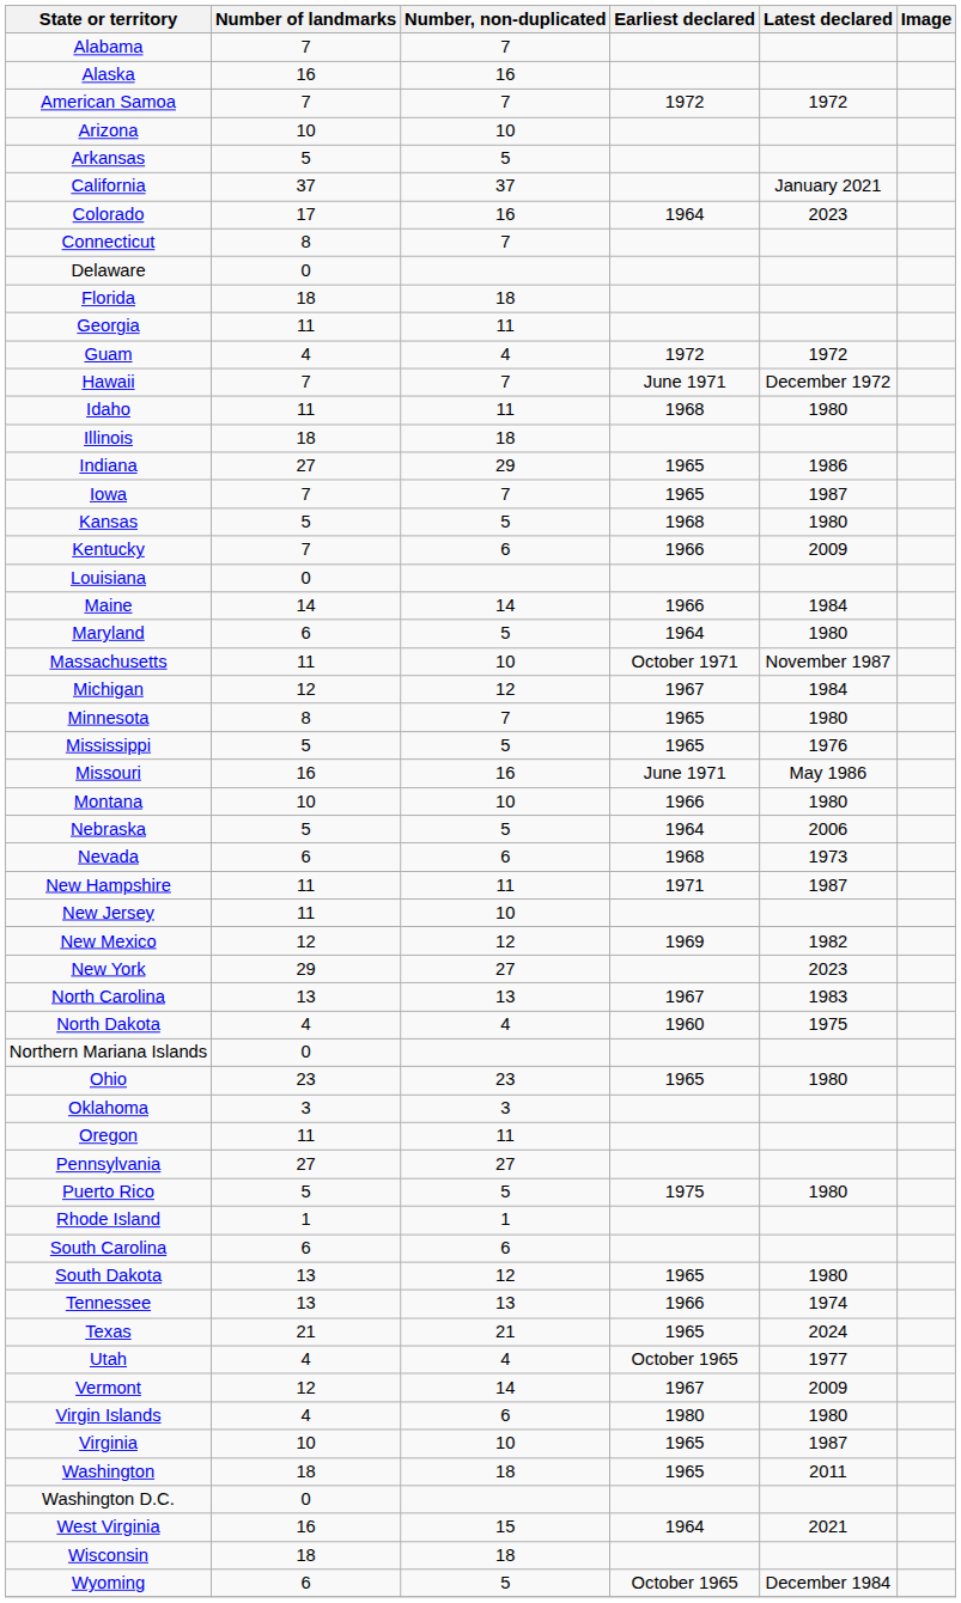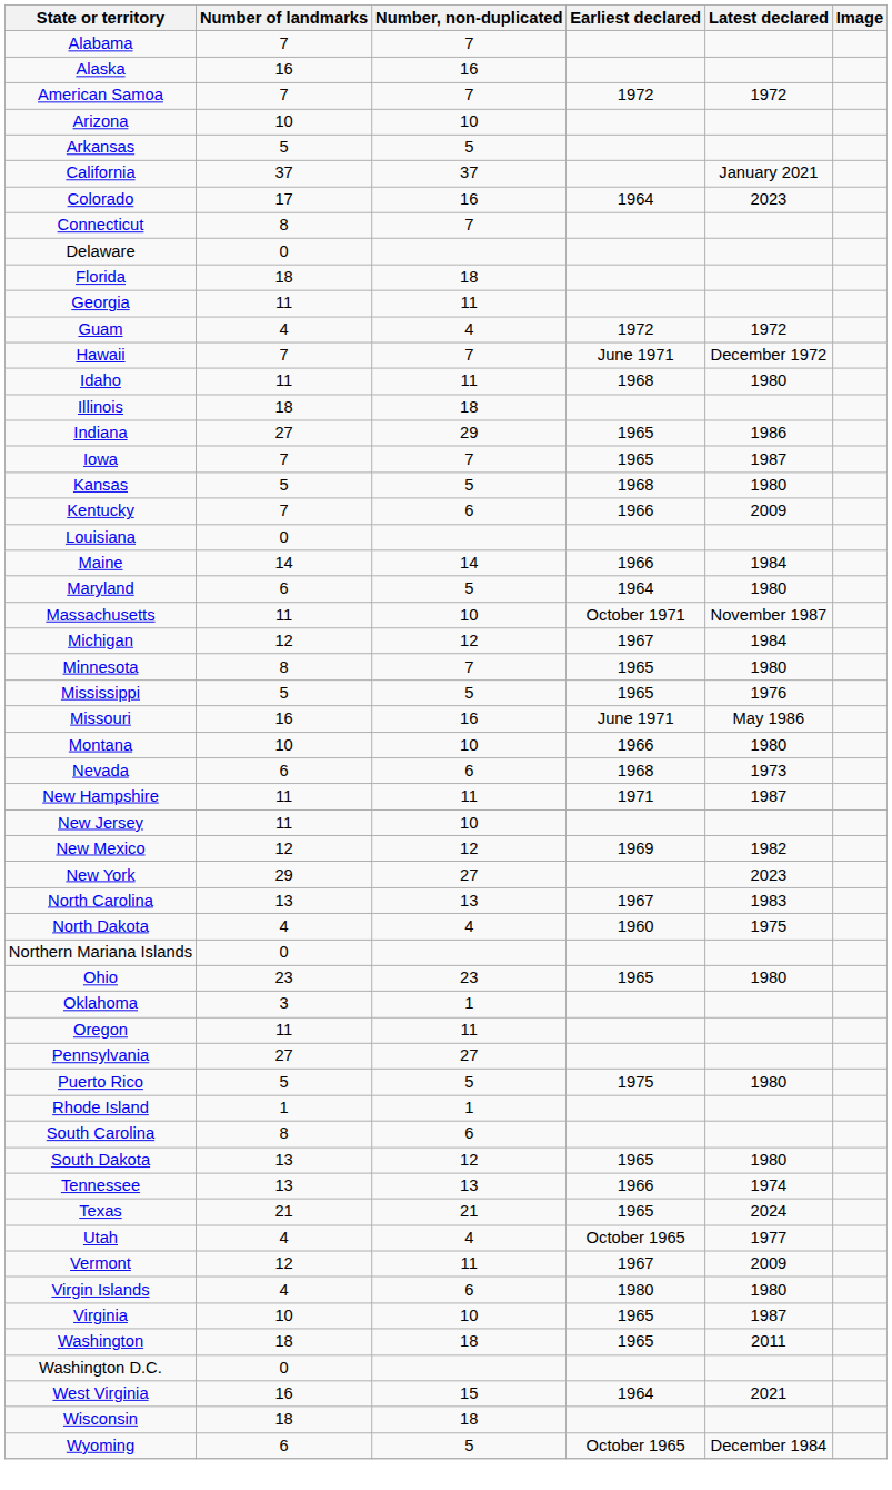 <table class="wikitable sortable" align="center">
 <tr>
 <th style="background-color:"><strong>State or territory</strong></th>
 <th style="background-color:"><strong>Number of landmarks</strong></th>
 <th style="background-color:"><strong>Number, non-duplicated</strong></th>
 <th style="background-color:"><strong>Earliest declared</strong></th>
 <th style="background-color:"><strong>Latest declared</strong></th>
 <th style="background-color:"><strong>Image</strong></th>
 </tr>
 <tr align="center">
 <td><a href='#'>Alabama</a></td>
 <td>7</td>
 <td>7</td>
 <td></td>
 <td></td>
 <td></td>
 </tr>
 <tr align="center">
 <td><a href='#'>Alaska</a></td>
 <td>16</td>
 <td>16</td>
 <td></td>
 <td></td>
 <td></td>
 </tr>
 <tr align="center">
 <td><a href='#'>American Samoa</a></td>
 <td>7</td>
 <td>7</td>
 <td>1972</td>
 <td>1972</td>
 <td></td>
 </tr>
 <tr align="center">
 <td><a href='#'>Arizona</a></td>
 <td>10</td>
 <td>10</td>
 <td></td>
 <td></td>
 <td></td>
 </tr>
 <tr align="center">
 <td><a href='#'>Arkansas</a></td>
 <td>5</td>
 <td>5</td>
 <td></td>
 <td></td>
 <td></td>
 </tr>
 <tr align="center">
 <td><a href='#'>California</a></td>
 <td>37</td>
 <td>37</td>
 <td></td>
 <td>January 2021</td>
 <td></td>
 </tr>
 <tr align="center">
 <td><a href='#'>Colorado</a></td>
 <td>17</td>
 <td>16</td>
 <td>1964</td>
 <td>2023</td>
 <td></td>
 </tr>
 <tr align="center">
 <td><a href='#'>Connecticut</a></td>
 <td>8</td>
 <td>7</td>
 <td></td>
 <td></td>
 <td></td>
 </tr>
 <tr align="center">
 <td>Delaware</td>
 <td>0</td>
 <td></td>
 <td></td>
 <td></td>
 <td></td>
 </tr>
 <tr align="center">
 <td><a href='#'>Florida</a></td>
 <td>18</td>
 <td>18</td>
 <td></td>
 <td></td>
 <td></td>
 </tr>
 <tr align="center">
 <td><a href='#'>Georgia</a></td>
 <td>11</td>
 <td>11</td>
 <td></td>
 <td></td>
 <td></td>
 </tr>
 <tr align="center">
 <td><a href='#'>Guam</a></td>
 <td>4</td>
 <td>4</td>
 <td>1972</td>
 <td>1972</td>
 <td></td>
 </tr>
 <tr align="center">
 <td><a href='#'>Hawaii</a></td>
 <td>7</td>
 <td>7</td>
 <td>June 1971</td>
 <td>December 1972</td>
 <td></td>
 </tr>
 <tr align="center">
 <td><a href='#'>Idaho</a></td>
 <td>11</td>
 <td>11</td>
 <td>1968</td>
 <td>1980</td>
 <td></td>
 </tr>
 <tr align="center">
 <td><a href='#'>Illinois</a></td>
 <td>18</td>
 <td>18</td>
 <td></td>
 <td></td>
 <td></td>
 </tr>
 <tr align="center">
 <td><a href='#'>Indiana</a></td>
 <td>27</td>
 <td>29 </td>
 <td>1965</td>
 <td>1986</td>
 <td></td>
 </tr>
 <tr align="center">
 <td><a href='#'>Iowa</a></td>
 <td>7</td>
 <td>7</td>
 <td>1965</td>
 <td>1987</td>
 <td></td>
 </tr>
 <tr align="center">
 <td><a href='#'>Kansas</a></td>
 <td>5</td>
 <td>5</td>
 <td>1968</td>
 <td>1980</td>
 <td></td>
 </tr>
 <tr align="center">
 <td><a href='#'>Kentucky</a></td>
 <td>7</td>
 <td>6 </td>
 <td>1966</td>
 <td>2009</td>
 <td></td>
 </tr>
 <tr align="center">
 <td><a href='#'>Louisiana</a></td>
 <td>0</td>
 <td></td>
 <td></td>
 <td></td>
 <td></td>
 </tr>
 <tr align="center">
 <td><a href='#'>Maine</a></td>
 <td>14</td>
 <td>14</td>
 <td>1966</td>
 <td>1984</td>
 <td></td>
 </tr>
 <tr align="center">
 <td><a href='#'>Maryland</a></td>
 <td>6</td>
 <td>5 </td>
 <td>1964</td>
 <td>1980</td>
 <td></td>
 </tr>
 <tr align="center">
 <td><a href='#'>Massachusetts</a></td>
 <td>11</td>
 <td>10</td>
 <td>October 1971</td>
 <td>November 1987</td>
 <td></td>
 </tr>
 <tr align="center">
 <td><a href='#'>Michigan</a></td>
 <td>12</td>
 <td>12</td>
 <td>1967</td>
 <td>1984</td>
 <td></td>
 </tr>
 <tr align="center">
 <td><a href='#'>Minnesota</a></td>
 <td>8</td>
 <td>7 </td>
 <td>1965</td>
 <td>1980</td>
 <td></td>
 </tr>
 <tr align="center">
 <td><a href='#'>Mississippi</a></td>
 <td>5</td>
 <td>5</td>
 <td>1965</td>
 <td>1976</td>
 <td></td>
 </tr>
 <tr align="center">
 <td><a href='#'>Missouri</a></td>
 <td>16</td>
 <td>16</td>
 <td>June 1971</td>
 <td>May 1986</td>
 <td></td>
 </tr>
 <tr align="center">
 <td><a href='#'>Montana</a></td>
 <td>10</td>
 <td>10</td>
 <td>1966</td>
 <td>1980</td>
 <td></td>
 </tr>
 <tr align="center">
-<td><a href='#'>Nebraska</a></td>
-<td>5</td>
-<td>5</td>
-<td>1964</td>
-<td>2006</td>
-<td></td>
-</tr>
-<tr align="center">
 <td><a href='#'>Nevada</a></td>
 <td>6</td>
 <td>6</td>
 <td>1968</td>
 <td>1973</td>
 <td></td>
 </tr>
 <tr align="center">
 <td><a href='#'>New Hampshire</a></td>
 <td>11</td>
 <td>11</td>
 <td>1971</td>
 <td>1987</td>
 <td></td>
 </tr>
 <tr align="center">
 <td><a href='#'>New Jersey</a></td>
 <td>11</td>
 <td>10</td>
 <td></td>
 <td></td>
 <td></td>
 </tr>
 <tr align="center">
 <td><a href='#'>New Mexico</a></td>
 <td>12</td>
 <td>12</td>
 <td>1969</td>
 <td>1982</td>
 <td></td>
 </tr>
 <tr align="center">
 <td><a href='#'>New York</a></td>
 <td>29</td>
 <td>27</td>
 <td></td>
 <td>2023</td>
 <td></td>
 </tr>
 <tr align="center">
 <td><a href='#'>North Carolina</a></td>
 <td>13</td>
 <td>13</td>
 <td>1967</td>
 <td>1983</td>
 <td></td>
 </tr>
 <tr align="center">
 <td><a href='#'>North Dakota</a></td>
 <td>4</td>
 <td>4</td>
 <td>1960</td>
 <td>1975</td>
 <td></td>
 </tr>
 <tr align="center">
 <td>Northern Mariana Islands</td>
 <td>0</td>
 <td></td>
 <td></td>
 <td></td>
 <td></td>
 </tr>
 <tr align="center">
 <td><a href='#'>Ohio</a></td>
 <td>23</td>
 <td>23</td>
 <td>1965</td>
 <td>1980</td>
 <td></td>
 </tr>
 <tr align="center">
 <td><a href='#'>Oklahoma</a></td>
 <td>3</td>
-<td>3</td>
+<td>1</td>
 <td></td>
 <td></td>
 <td></td>
 </tr>
 <tr align="center">
 <td><a href='#'>Oregon</a></td>
 <td>11</td>
 <td>11</td>
 <td></td>
 <td></td>
 <td></td>
 </tr>
 <tr align="center">
 <td><a href='#'>Pennsylvania</a></td>
 <td>27</td>
 <td>27</td>
 <td></td>
 <td></td>
 <td></td>
 </tr>
 <tr align="center">
 <td><a href='#'>Puerto Rico</a></td>
 <td>5</td>
 <td>5</td>
 <td>1975</td>
 <td>1980</td>
 <td></td>
 </tr>
 <tr align="center">
 <td><a href='#'>Rhode Island</a></td>
 <td>1</td>
 <td>1</td>
 <td></td>
 <td></td>
 <td></td>
 </tr>
 <tr align="center">
 <td><a href='#'>South Carolina</a></td>
-<td>6</td>
+<td>8</td>
 <td>6</td>
 <td></td>
 <td></td>
 <td></td>
 </tr>
 <tr align="center">
 <td><a href='#'>South Dakota</a></td>
 <td>13</td>
 <td>12 </td>
 <td>1965</td>
 <td>1980</td>
 <td></td>
 </tr>
 <tr align="center">
 <td><a href='#'>Tennessee</a></td>
 <td>13</td>
 <td>13</td>
 <td>1966</td>
 <td>1974</td>
 <td></td>
 </tr>
 <tr align="center">
 <td><a href='#'>Texas</a></td>
 <td>21</td>
 <td>21</td>
 <td>1965</td>
 <td>2024</td>
 <td></td>
 </tr>
 <tr align="center">
 <td><a href='#'>Utah</a></td>
 <td>4</td>
 <td>4</td>
 <td>October 1965</td>
 <td>1977</td>
 <td></td>
 </tr>
 <tr align="center">
 <td><a href='#'>Vermont</a></td>
 <td>12</td>
-<td>14</td>
+<td>11</td>
 <td>1967</td>
 <td>2009</td>
 <td></td>
 </tr>
 <tr align="center">
 <td><a href='#'>Virgin Islands</a></td>
 <td>4</td>
 <td>6</td>
 <td>1980</td>
 <td>1980</td>
 <td></td>
 </tr>
 <tr align="center">
 <td><a href='#'>Virginia</a></td>
 <td>10</td>
 <td>10</td>
 <td>1965</td>
 <td>1987</td>
 <td></td>
 </tr>
 <tr align="center">
 <td><a href='#'>Washington</a></td>
 <td>18</td>
 <td>18</td>
 <td>1965</td>
 <td>2011</td>
 <td></td>
 </tr>
 <tr align="center">
 <td>Washington D.C.</td>
 <td>0</td>
 <td></td>
 <td></td>
 <td></td>
 <td></td>
 </tr>
 <tr align="center">
 <td><a href='#'>West Virginia</a></td>
 <td>16</td>
 <td>15 </td>
 <td>1964</td>
 <td>2021</td>
 <td></td>
 </tr>
 <tr align="center">
 <td><a href='#'>Wisconsin</a></td>
 <td>18</td>
 <td>18</td>
 <td></td>
 <td></td>
 <td></td>
 </tr>
 <tr align="center">
 <td><a href='#'>Wyoming</a></td>
 <td>6</td>
 <td>5 </td>
 <td>October 1965</td>
 <td>December 1984</td>
 <td></td>
 </tr>
 <tr align="center">
 </tr>
 </table>
